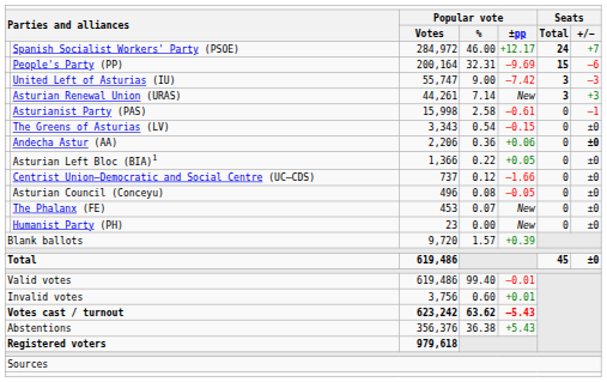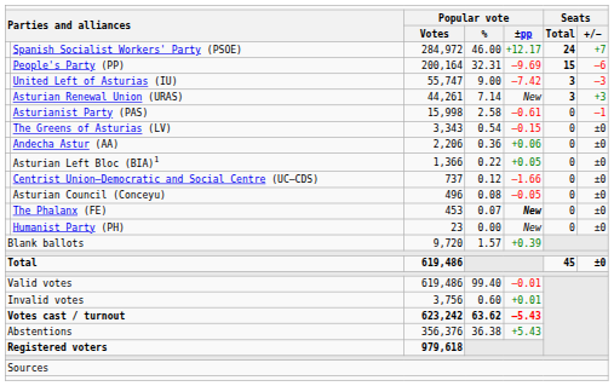 <table class="wikitable" style="text-align:right;">
 <tr>
 <td colspan="7"></td>
 </tr>
 <tr>
 <th style="text-align:left;" rowspan="2" colspan="2" width="525">Parties and alliances</th>
 <th colspan="3">Popular vote</th>
 <th colspan="2">Seats</th>
 </tr>
 <tr>
 <th width="75">Votes</th>
 <th width="45">%</th>
 <th width="45">±<a href='#'>pp</a></th>
 <th width="35">Total</th>
 <th width="35">+/−</th>
 </tr>
 <tr>
 <td width="1" style="color:inherit;background:"></td>
 <td align="left"><a href='#'>Spanish Socialist Workers' Party</a> (PSOE)</td>
 <td>284,972</td>
 <td>46.00</td>
 <td style="color:green;">+12.17</td>
 <td><strong>24</strong></td>
 <td style="color:green;">+7</td>
 </tr>
 <tr>
 <td style="color:inherit;background:"></td>
 <td align="left"><a href='#'>People's Party</a> (PP)</td>
 <td>200,164</td>
 <td>32.31</td>
 <td style="color:red;">–9.69</td>
 <td><strong>15</strong></td>
 <td style="color:red;">–6</td>
 </tr>
 <tr>
 <td style="color:inherit;background:"></td>
 <td align="left"><a href='#'>United Left of Asturias</a> (IU)</td>
 <td>55,747</td>
 <td>9.00</td>
 <td style="color:red;">–7.42</td>
 <td><strong>3</strong></td>
 <td style="color:red;">–3</td>
 </tr>
 <tr>
 <td style="color:inherit;background:"></td>
 <td align="left"><a href='#'>Asturian Renewal Union</a> (URAS)</td>
 <td>44,261</td>
 <td>7.14</td>
 <td><em>New</em></td>
 <td><strong>3</strong></td>
 <td style="color:green;">+3</td>
 </tr>
 <tr>
 <td style="color:inherit;background:"></td>
 <td align="left"><a href='#'>Asturianist Party</a> (PAS)</td>
 <td>15,998</td>
 <td>2.58</td>
 <td style="color:red;">–0.61</td>
 <td>0</td>
 <td style="color:red;">–1</td>
 </tr>
 <tr>
 <td style="color:inherit;background:"></td>
 <td align="left"><a href='#'>The Greens of Asturias</a> (LV)</td>
 <td>3,343</td>
 <td>0.54</td>
 <td style="color:red;">–0.15</td>
 <td>0</td>
 <td>±0</td>
 </tr>
 <tr>
 <td style="color:inherit;background:"></td>
 <td align="left"><a href='#'>Andecha Astur</a> (AA)</td>
 <td>2,206</td>
 <td>0.36</td>
 <td style="color:green;">+0.06</td>
 <td>0</td>
-<td><strong>±0</strong></td>
+<td>±0</td>
 </tr>
 <tr>
 <td style="color:inherit;background:"></td>
 <td align="left">Asturian Left Bloc (BIA)<sup>1</sup></td>
 <td>1,366</td>
 <td>0.22</td>
 <td style="color:green;">+0.05</td>
 <td>0</td>
 <td>±0</td>
 </tr>
 <tr>
 <td style="color:inherit;background:"></td>
 <td align="left"><a href='#'>Centrist Union–Democratic and Social Centre</a> (UC–CDS)</td>
 <td>737</td>
 <td>0.12</td>
 <td style="color:red;">–1.66</td>
 <td>0</td>
 <td>±0</td>
 </tr>
 <tr>
 <td style="color:inherit;background:"></td>
 <td align="left">Asturian Council (Conceyu)</td>
 <td>496</td>
 <td>0.08</td>
 <td style="color:red;">–0.05</td>
 <td>0</td>
 <td>±0</td>
 </tr>
 <tr>
 <td style="color:inherit;background:"></td>
 <td align="left"><a href='#'>The Phalanx</a> (FE)</td>
 <td>453</td>
 <td>0.07</td>
-<td><em>New</em></td>
+<td><strong><em>New</em></strong></td>
 <td>0</td>
 <td>±0</td>
 </tr>
 <tr>
 <td style="color:inherit;background:"></td>
 <td align="left"><a href='#'>Humanist Party</a> (PH)</td>
 <td>23</td>
 <td>0.00</td>
 <td><em>New</em></td>
 <td>0</td>
 <td>±0</td>
 </tr>
 <tr>
 <td align="left" colspan="2">Blank ballots</td>
 <td>9,720</td>
 <td>1.57</td>
 <td style="color:green;">+0.39</td>
 <td bgcolor="#E9E9E9" colspan="2"></td>
 </tr>
 <tr>
 <td colspan="7" bgcolor="#E9E9E9"></td>
 </tr>
 <tr style="font-weight:bold;">
 <td align="left" colspan="2">Total</td>
 <td>619,486</td>
 <td bgcolor="#E9E9E9" colspan="2"></td>
 <td>45</td>
 <td>±0</td>
 </tr>
 <tr>
 <td colspan="7" bgcolor="#E9E9E9"></td>
 </tr>
 <tr>
 <td align="left" colspan="2">Valid votes</td>
 <td>619,486</td>
 <td>99.40</td>
 <td style="color:red;">–0.01</td>
 <td bgcolor="#E9E9E9" colspan="2" rowspan="5"></td>
 </tr>
 <tr>
 <td align="left" colspan="2">Invalid votes</td>
 <td>3,756</td>
 <td>0.60</td>
 <td style="color:green;">+0.01</td>
 </tr>
 <tr style="font-weight:bold;">
 <td align="left" colspan="2">Votes cast / turnout</td>
 <td>623,242</td>
 <td>63.62</td>
 <td style="color:red;">–5.43</td>
 </tr>
 <tr>
 <td align="left" colspan="2">Abstentions</td>
 <td>356,376</td>
 <td>36.38</td>
 <td style="color:green;">+5.43</td>
 </tr>
 <tr style="font-weight:bold;">
 <td align="left" colspan="2">Registered voters</td>
 <td>979,618</td>
 <td bgcolor="#E9E9E9" colspan="2"></td>
 </tr>
 <tr>
 <td colspan="7" bgcolor="#E9E9E9"></td>
 </tr>
 <tr>
 <td align="left" colspan="7">Sources</td>
 </tr>
 <tr>
 <td colspan="7" style="text-align:left; max-width:790px;"></td>
 </tr>
 </table>
